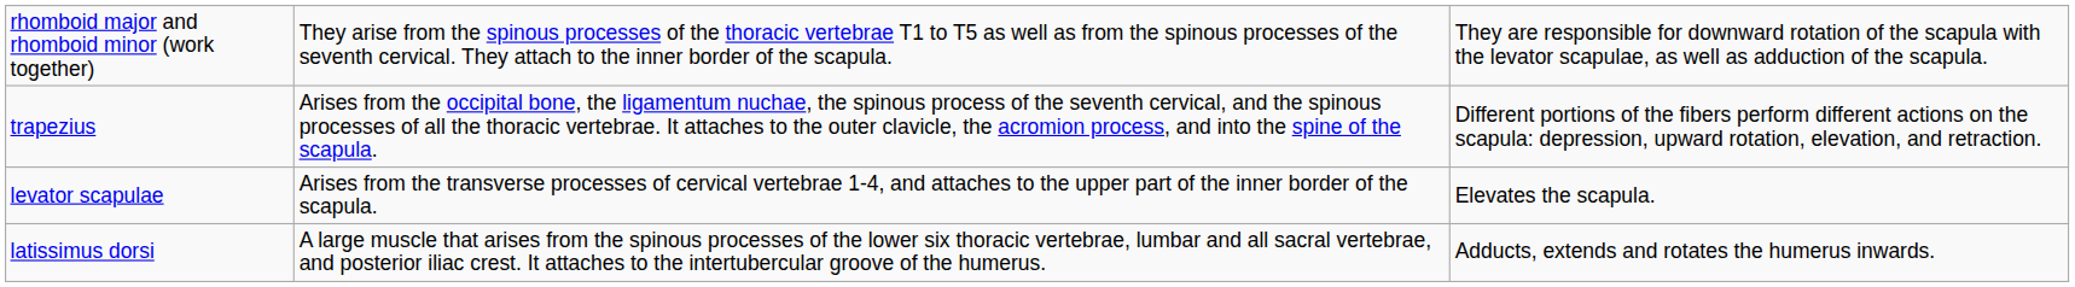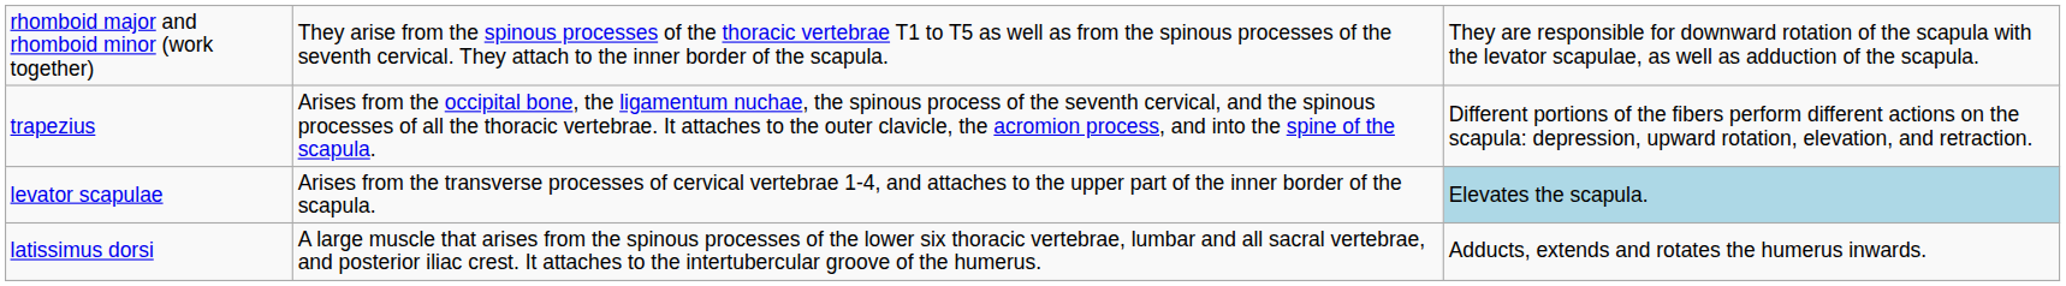 <table class="wikitable">
 <tr>
 <td><a href='#'>rhomboid major</a> and <a href='#'>rhomboid minor</a> (work together)</td>
 <td>They arise from the <a href='#'>spinous processes</a> of the <a href='#'>thoracic vertebrae</a> T1 to T5 as well as from the spinous processes of the seventh cervical. They attach to the inner border of the scapula.</td>
 <td>They are responsible for downward rotation of the scapula with the levator scapulae, as well as adduction of the scapula.</td>
 </tr>
 <tr>
 <td><a href='#'>trapezius</a></td>
 <td>Arises from the <a href='#'>occipital bone</a>, the <a href='#'>ligamentum nuchae</a>, the spinous process of the seventh cervical, and the spinous processes of all the thoracic vertebrae.  It attaches to the outer clavicle, the <a href='#'>acromion process</a>, and into the <a href='#'>spine of the scapula</a>.</td>
 <td>Different portions of the fibers perform different actions on the scapula: depression, upward rotation, elevation, and retraction.</td>
 </tr>
 <tr>
 <td><a href='#'>levator scapulae</a></td>
 <td>Arises from the transverse processes of cervical vertebrae 1-4, and attaches to the upper part of the inner border of the scapula.</td>
-<td>Elevates the scapula.</td>
+<td style="background: lightblue;">Elevates the scapula.</td>
 </tr>
 <tr>
 <td><a href='#'>latissimus dorsi</a></td>
 <td>A large muscle that arises from the spinous processes of the lower six thoracic vertebrae, lumbar and all sacral vertebrae, and posterior iliac crest. It attaches to the intertubercular groove of the humerus.</td>
 <td>Adducts, extends and rotates the humerus inwards.</td>
 </tr>
 </table>
